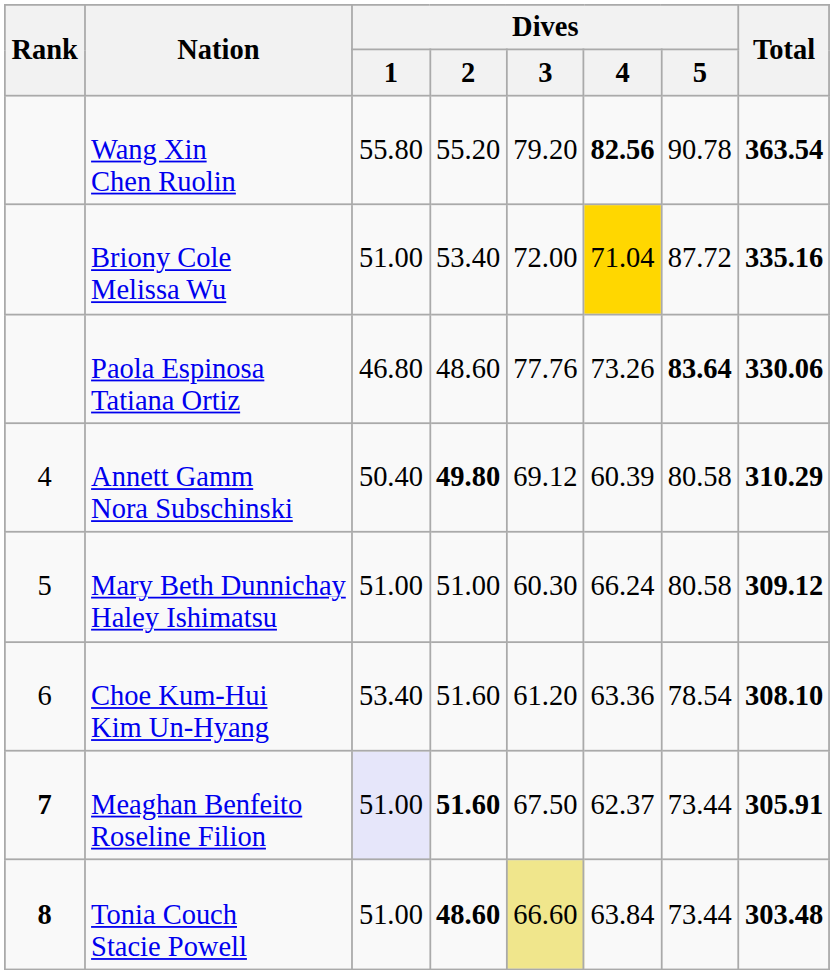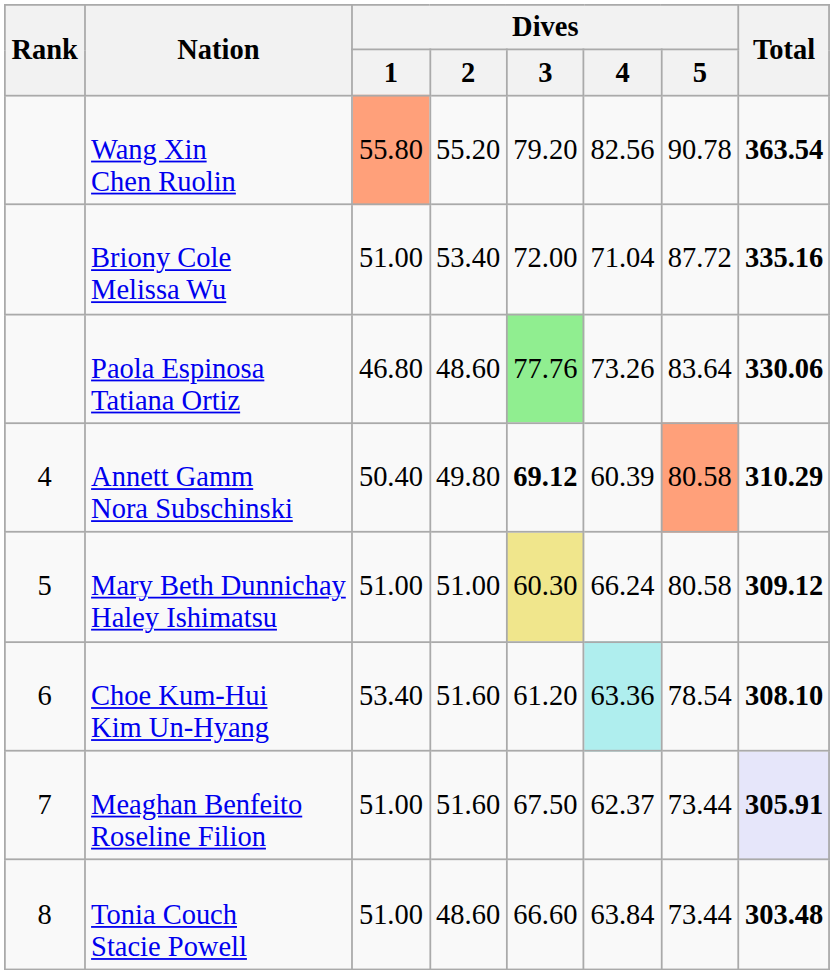 <table class="wikitable sortable">
 <tr>
 <th rowspan="2">Rank</th>
 <th rowspan="2">Nation</th>
 <th colspan="5">Dives</th>
 <th rowspan="2">Total</th>
 </tr>
 <tr>
 <th>1</th>
 <th>2</th>
 <th>3</th>
 <th>4</th>
 <th>5</th>
 </tr>
 <tr>
 <td align="center"></td>
 <td><br><a href='#'>Wang Xin</a><br><a href='#'>Chen Ruolin</a></td>
-<td align="center">55.80</td>
+<td align="center" style="background: lightsalmon;">55.80</td>
 <td align="center">55.20</td>
 <td align="center">79.20</td>
-<td align="center"><strong>82.56</strong></td>
+<td align="center">82.56</td>
 <td align="center">90.78</td>
 <td align="center"><strong>363.54</strong></td>
 </tr>
 <tr>
 <td align="center"></td>
 <td><br><a href='#'>Briony Cole</a><br><a href='#'>Melissa Wu</a></td>
 <td align="center">51.00</td>
 <td align="center">53.40</td>
 <td align="center">72.00</td>
-<td align="center" style="background: gold;">71.04</td>
+<td align="center">71.04</td>
 <td align="center">87.72</td>
 <td align="center"><strong>335.16</strong></td>
 </tr>
 <tr>
 <td align="center"></td>
 <td><br><a href='#'>Paola Espinosa</a><br><a href='#'>Tatiana Ortiz</a></td>
 <td align="center">46.80</td>
 <td align="center">48.60</td>
-<td align="center">77.76</td>
+<td align="center" style="background: lightgreen;">77.76</td>
 <td align="center">73.26</td>
-<td align="center"><strong>83.64</strong></td>
+<td align="center">83.64</td>
 <td align="center"><strong>330.06</strong></td>
 </tr>
 <tr>
 <td align="center">4</td>
 <td><br><a href='#'>Annett Gamm</a><br><a href='#'>Nora Subschinski</a></td>
 <td align="center">50.40</td>
-<td align="center"><strong>49.80</strong></td>
-<td align="center">69.12</td>
+<td align="center">49.80</td>
+<td align="center"><strong>69.12</strong></td>
 <td align="center">60.39</td>
-<td align="center">80.58</td>
+<td align="center" style="background: lightsalmon;">80.58</td>
 <td align="center"><strong>310.29</strong></td>
 </tr>
 <tr>
 <td align="center">5</td>
 <td><br><a href='#'>Mary Beth Dunnichay</a><br><a href='#'>Haley Ishimatsu</a></td>
 <td align="center">51.00</td>
 <td align="center">51.00</td>
-<td align="center">60.30</td>
+<td align="center" style="background: khaki;">60.30</td>
 <td align="center">66.24</td>
 <td align="center">80.58</td>
 <td align="center"><strong>309.12</strong></td>
 </tr>
 <tr>
 <td align="center">6</td>
 <td><br><a href='#'>Choe Kum-Hui</a><br><a href='#'>Kim Un-Hyang</a></td>
 <td align="center">53.40</td>
 <td align="center">51.60</td>
 <td align="center">61.20</td>
-<td align="center">63.36</td>
+<td align="center" style="background: paleturquoise;">63.36</td>
 <td align="center">78.54</td>
 <td align="center"><strong>308.10</strong></td>
 </tr>
 <tr>
-<td align="center"><strong>7</strong></td>
+<td align="center">7</td>
 <td><br><a href='#'>Meaghan Benfeito</a><br><a href='#'>Roseline Filion</a></td>
-<td align="center" style="background: lavender;">51.00</td>
-<td align="center"><strong>51.60</strong></td>
+<td align="center">51.00</td>
+<td align="center">51.60</td>
 <td align="center">67.50</td>
 <td align="center">62.37</td>
 <td align="center">73.44</td>
-<td align="center"><strong>305.91</strong></td>
+<td align="center" style="background: lavender;"><strong>305.91</strong></td>
 </tr>
 <tr>
-<td align="center"><strong>8</strong></td>
+<td align="center">8</td>
 <td><br><a href='#'>Tonia Couch</a><br><a href='#'>Stacie Powell</a></td>
 <td align="center">51.00</td>
-<td align="center"><strong>48.60</strong></td>
-<td align="center" style="background: khaki;">66.60</td>
+<td align="center">48.60</td>
+<td align="center">66.60</td>
 <td align="center">63.84</td>
 <td align="center">73.44</td>
 <td align="center"><strong>303.48</strong></td>
 </tr>
 <tr>
 </tr>
 </table>
